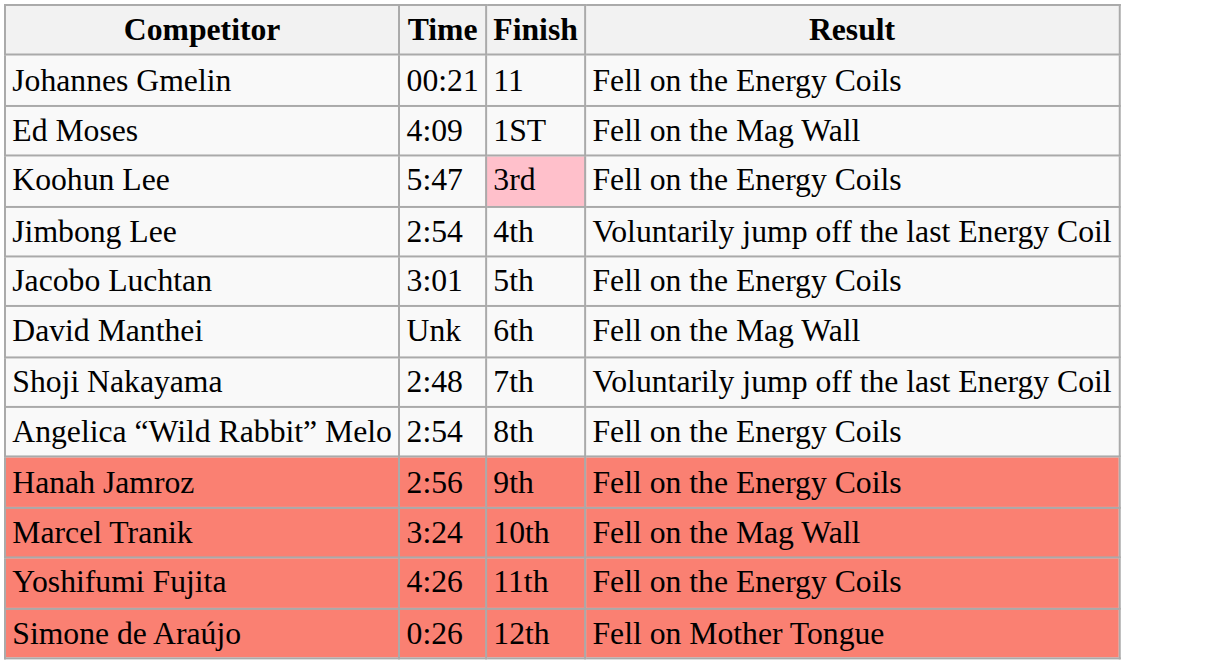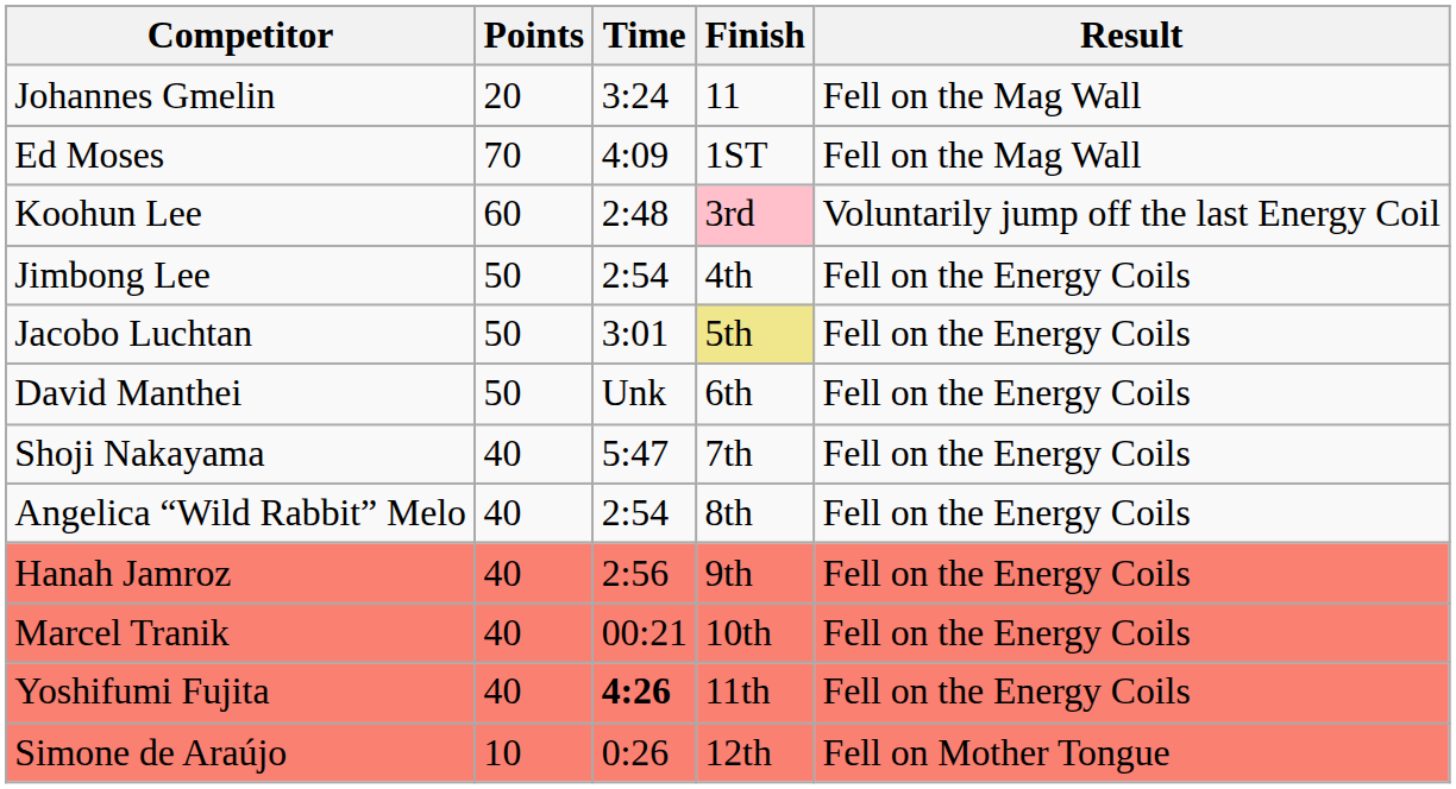 <table class="wikitable sortable">
 <tr>
 <th nowrap="nowrap">Competitor</th>
+<th>Points</th>
 <th>Time</th>
 <th>Finish</th>
 <th>Result</th>
 </tr>
 <tr style="background:royalwhite;">
 <td> Johannes Gmelin</td>
-<td>00:21</td>
+<td>20</td>
+<td>3:24</td>
 <td>11</td>
-<td>Fell on the Energy Coils</td>
+<td>Fell on the Mag Wall</td>
 </tr>
 <tr>
 <td> Ed Moses</td>
+<td>70</td>
 <td>4:09</td>
 <td>1ST</td>
 <td>Fell on the Mag Wall</td>
 </tr>
 <tr>
 <td> Koohun Lee</td>
-<td>5:47</td>
+<td>60</td>
+<td>2:48</td>
 <td style="background: pink;">3rd</td>
+<td>Voluntarily jump off the last Energy Coil</td>
+</tr>
+<tr>
+<td> Jimbong Lee</td>
+<td>50</td>
+<td>2:54</td>
+<td>4th</td>
 <td>Fell on the Energy Coils</td>
 </tr>
 <tr>
-<td> Jimbong Lee</td>
-<td>2:54</td>
-<td>4th</td>
-<td>Voluntarily jump off the last Energy Coil</td>
-</tr>
-<tr>
 <td> Jacobo Luchtan</td>
+<td>50</td>
 <td>3:01</td>
-<td>5th</td>
+<td style="background: khaki;">5th</td>
 <td>Fell on the Energy Coils</td>
 </tr>
 <tr>
 <td> David Manthei</td>
+<td>50</td>
 <td>Unk</td>
 <td>6th</td>
-<td>Fell on the Mag Wall</td>
+<td>Fell on the Energy Coils</td>
 </tr>
 <tr>
 <td> Shoji Nakayama</td>
-<td>2:48</td>
+<td>40</td>
+<td>5:47</td>
 <td>7th</td>
-<td>Voluntarily jump off the last Energy Coil</td>
+<td>Fell on the Energy Coils</td>
 </tr>
 <tr>
 <td> Angelica “Wild Rabbit” Melo</td>
+<td>40</td>
 <td>2:54</td>
 <td>8th</td>
 <td>Fell on the Energy Coils</td>
 </tr>
 <tr style="background-color:#fa8072">
 <td> Hanah Jamroz</td>
+<td>40</td>
 <td>2:56</td>
 <td>9th</td>
 <td>Fell on the Energy Coils</td>
 </tr>
 <tr style="background-color:#fa8072">
 <td> Marcel Tranik</td>
-<td>3:24</td>
+<td>40</td>
+<td>00:21</td>
 <td>10th</td>
-<td>Fell on the Mag Wall</td>
+<td>Fell on the Energy Coils</td>
 </tr>
 <tr style="background-color:#fa8072">
 <td> Yoshifumi Fujita</td>
-<td>4:26</td>
+<td>40</td>
+<td><strong>4:26</strong></td>
 <td>11th</td>
 <td>Fell on the Energy Coils</td>
 </tr>
 <tr style="background-color:#fa8072">
 <td> Simone de Araújo</td>
+<td>10</td>
 <td>0:26</td>
 <td>12th</td>
 <td>Fell on Mother Tongue</td>
 </tr>
 </table>
